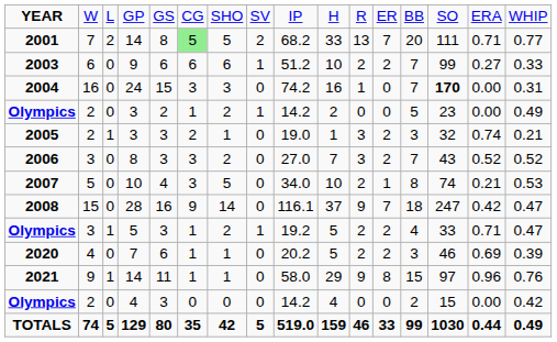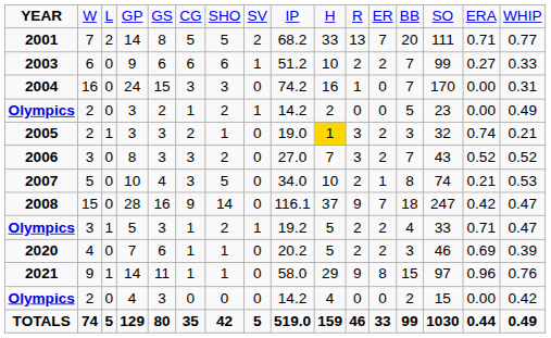 <table class="wikitable">
 <tr align=center>
 <td><strong>YEAR</strong></td>
 <td><a href='#'>W</a></td>
 <td><a href='#'>L</a></td>
 <td><a href='#'>GP</a></td>
 <td><a href='#'>GS</a></td>
 <td><a href='#'>CG</a></td>
 <td><a href='#'>SHO</a></td>
 <td><a href='#'>SV</a></td>
 <td><a href='#'>IP</a></td>
 <td><a href='#'>H</a></td>
 <td><a href='#'>R</a></td>
 <td><a href='#'>ER</a></td>
 <td><a href='#'>BB</a></td>
 <td><a href='#'>SO</a></td>
 <td><a href='#'>ERA</a></td>
 <td><a href='#'>WHIP</a></td>
 </tr>
 <tr align=center>
 <td><strong>2001</strong></td>
 <td>7</td>
 <td>2</td>
 <td>14</td>
 <td>8</td>
-<td style="background: lightgreen;">5</td>
+<td>5</td>
 <td>5</td>
 <td>2</td>
 <td>68.2</td>
 <td>33</td>
 <td>13</td>
 <td>7</td>
 <td>20</td>
 <td>111</td>
 <td>0.71</td>
 <td>0.77</td>
 </tr>
 <tr align=center>
 <td><strong>2003</strong></td>
 <td>6</td>
 <td>0</td>
 <td>9</td>
 <td>6</td>
 <td>6</td>
 <td>6</td>
 <td>1</td>
 <td>51.2</td>
 <td>10</td>
 <td>2</td>
 <td>2</td>
 <td>7</td>
 <td>99</td>
 <td>0.27</td>
 <td>0.33</td>
 </tr>
 <tr align=center>
 <td><strong>2004</strong></td>
 <td>16</td>
 <td>0</td>
 <td>24</td>
 <td>15</td>
 <td>3</td>
 <td>3</td>
 <td>0</td>
 <td>74.2</td>
 <td>16</td>
 <td>1</td>
 <td>0</td>
 <td>7</td>
-<td><strong>170</strong></td>
+<td>170</td>
 <td>0.00</td>
 <td>0.31</td>
 </tr>
 <tr align=center>
 <td><strong><a href='#'>Olympics</a></strong></td>
 <td>2</td>
 <td>0</td>
 <td>3</td>
 <td>2</td>
 <td>1</td>
 <td>2</td>
 <td>1</td>
 <td>14.2</td>
 <td>2</td>
 <td>0</td>
 <td>0</td>
 <td>5</td>
 <td>23</td>
 <td>0.00</td>
 <td>0.49</td>
 </tr>
 <tr align=center>
 <td><strong>2005</strong></td>
 <td>2</td>
 <td>1</td>
 <td>3</td>
 <td>3</td>
 <td>2</td>
 <td>1</td>
 <td>0</td>
 <td>19.0</td>
-<td>1</td>
+<td style="background: gold;">1</td>
 <td>3</td>
 <td>2</td>
 <td>3</td>
 <td>32</td>
 <td>0.74</td>
 <td>0.21</td>
 </tr>
 <tr align=center>
 <td><strong>2006</strong></td>
 <td>3</td>
 <td>0</td>
 <td>8</td>
 <td>3</td>
 <td>3</td>
 <td>2</td>
 <td>0</td>
 <td>27.0</td>
 <td>7</td>
 <td>3</td>
 <td>2</td>
 <td>7</td>
 <td>43</td>
 <td>0.52</td>
 <td>0.52</td>
 </tr>
 <tr align=center>
 <td><strong>2007</strong></td>
 <td>5</td>
 <td>0</td>
 <td>10</td>
 <td>4</td>
 <td>3</td>
 <td>5</td>
 <td>0</td>
 <td>34.0</td>
 <td>10</td>
 <td>2</td>
 <td>1</td>
 <td>8</td>
 <td>74</td>
 <td>0.21</td>
 <td>0.53</td>
 </tr>
 <tr align=center>
 <td><strong>2008</strong></td>
 <td>15</td>
 <td>0</td>
 <td>28</td>
 <td>16</td>
 <td>9</td>
 <td>14</td>
 <td>0</td>
 <td>116.1</td>
 <td>37</td>
 <td>9</td>
 <td>7</td>
 <td>18</td>
 <td>247</td>
 <td>0.42</td>
 <td>0.47</td>
 </tr>
 <tr align=center>
 <td><strong><a href='#'>Olympics</a></strong></td>
 <td>3</td>
 <td>1</td>
 <td>5</td>
 <td>3</td>
 <td>1</td>
 <td>2</td>
 <td>1</td>
 <td>19.2</td>
 <td>5</td>
 <td>2</td>
 <td>2</td>
 <td>4</td>
 <td>33</td>
 <td>0.71</td>
 <td>0.47</td>
 </tr>
 <tr align=center>
 <td><strong>2020</strong></td>
 <td>4</td>
 <td>0</td>
 <td>7</td>
 <td>6</td>
 <td>1</td>
 <td>1</td>
 <td>0</td>
 <td>20.2</td>
 <td>5</td>
 <td>2</td>
 <td>2</td>
 <td>3</td>
 <td>46</td>
 <td>0.69</td>
 <td>0.39</td>
 </tr>
 <tr align=center>
 <td><strong>2021</strong></td>
 <td>9</td>
 <td>1</td>
 <td>14</td>
 <td>11</td>
 <td>1</td>
 <td>1</td>
 <td>0</td>
 <td>58.0</td>
 <td>29</td>
 <td>9</td>
 <td>8</td>
 <td>15</td>
 <td>97</td>
 <td>0.96</td>
 <td>0.76</td>
 </tr>
 <tr align=center>
 <td><strong><a href='#'>Olympics</a></strong></td>
 <td>2</td>
 <td>0</td>
 <td>4</td>
 <td>3</td>
 <td>0</td>
 <td>0</td>
 <td>0</td>
 <td>14.2</td>
 <td>4</td>
 <td>0</td>
 <td>0</td>
 <td>2</td>
 <td>15</td>
 <td>0.00</td>
 <td>0.42</td>
 </tr>
 <tr align=center>
 <td><strong>TOTALS</strong></td>
 <td><strong>74</strong></td>
 <td><strong>5</strong></td>
 <td><strong>129</strong></td>
 <td><strong>80</strong></td>
 <td><strong>35</strong></td>
 <td><strong>42</strong></td>
 <td><strong>5</strong></td>
 <td><strong>519.0</strong></td>
 <td><strong>159</strong></td>
 <td><strong>46</strong></td>
 <td><strong>33</strong></td>
 <td><strong>99</strong></td>
 <td><strong>1030</strong></td>
 <td><strong>0.44</strong></td>
 <td><strong>0.49</strong></td>
 </tr>
 </table>
